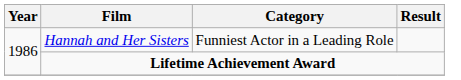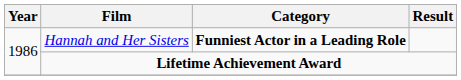 <table class="wikitable">
 <tr>
 <th>Year</th>
 <th>Film</th>
 <th>Category</th>
 <th>Result</th>
 </tr>
 <tr>
 <td rowspan="2">1986</td>
 <td><em><a href='#'>Hannah and Her Sisters</a></em></td>
-<td>Funniest Actor in a Leading Role</td>
+<td><strong>Funniest Actor in a Leading Role</strong></td>
 <td></td>
 </tr>
 <tr>
 <td colspan="3" align="center"><strong>Lifetime Achievement Award</strong></td>
 </tr>
 <tr>
 </tr>
 </table>
